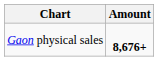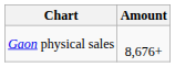 <table class="wikitable">
 <tr>
 <th>Chart</th>
 <th>Amount</th>
 </tr>
 <tr>
 <td><em><a href='#'>Gaon</a></em> physical sales</td>
-<td align="center"><strong><br>8,676+</strong></td>
+<td align="center"><br>8,676+</td>
 </tr>
 </table>
